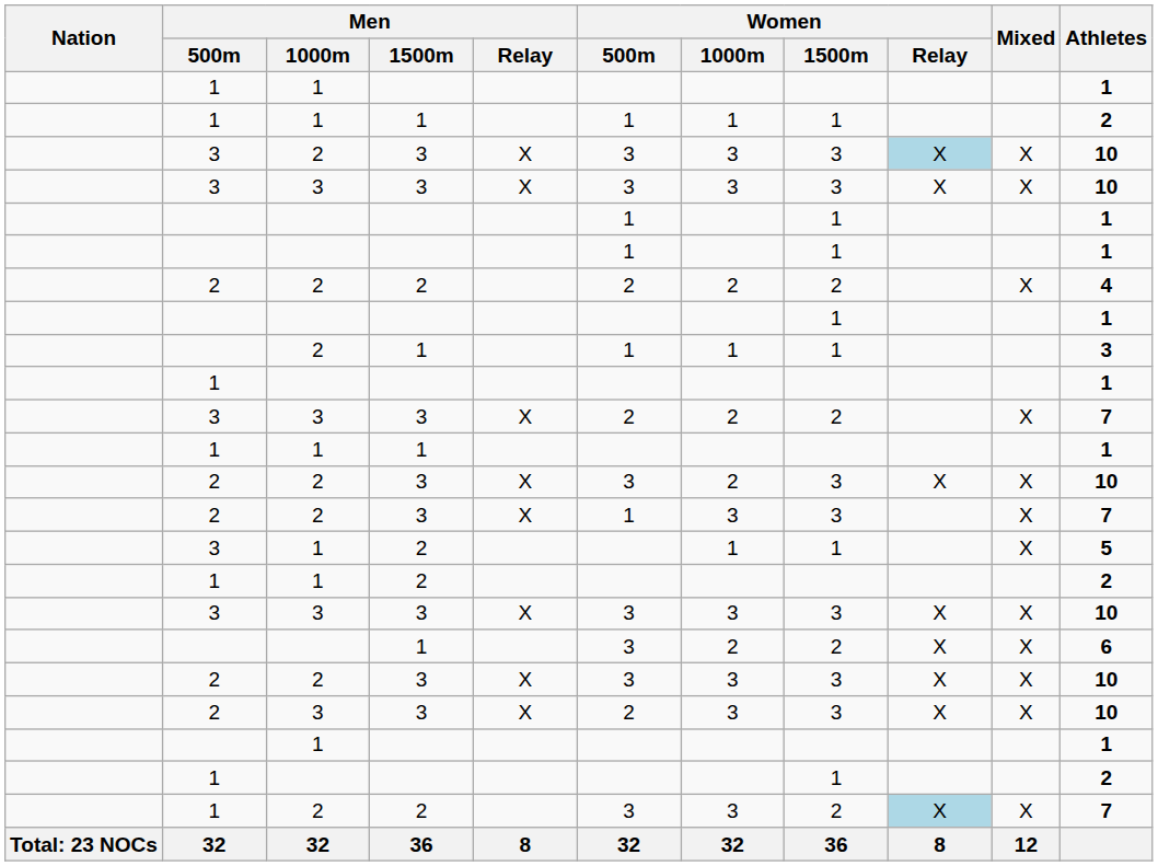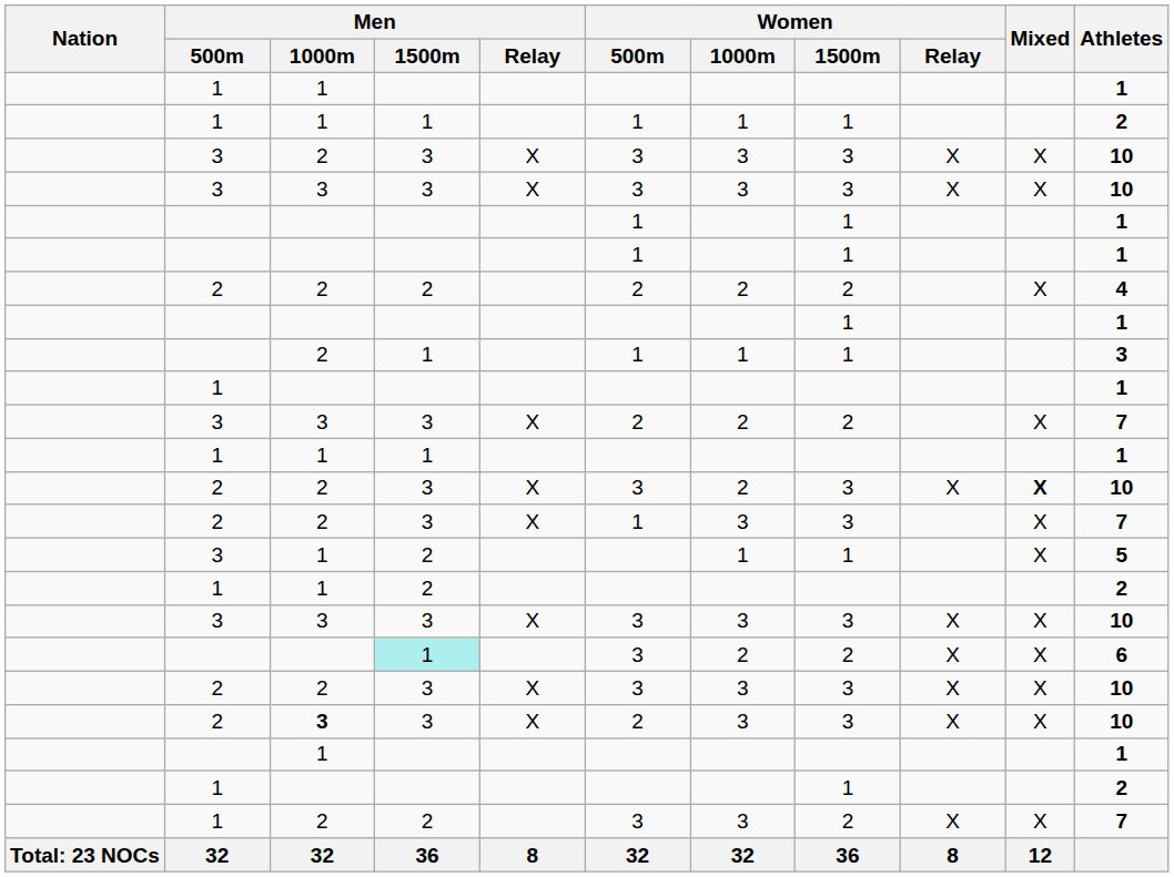 <table class="wikitable sortable" style="text-align:center; font-size:90%">
 <tr>
 <th rowspan="2" align="left">Nation</th>
 <th colspan="4">Men</th>
 <th colspan="4">Women</th>
 <th rowspan="2">Mixed</th>
 <th rowspan="2">Athletes</th>
 </tr>
 <tr>
 <th width=65>500m</th>
 <th width=65>1000m</th>
 <th width=65>1500m</th>
 <th width=65>Relay</th>
 <th width=65>500m</th>
 <th width=65>1000m</th>
 <th width=65>1500m</th>
 <th width=65>Relay</th>
 </tr>
 <tr>
 <td align="left"></td>
 <td>1</td>
 <td>1</td>
 <td></td>
 <td></td>
 <td></td>
 <td></td>
 <td></td>
 <td></td>
 <td></td>
 <td><strong>1</strong></td>
 </tr>
 <tr>
 <td align="left"></td>
 <td>1</td>
 <td>1</td>
 <td>1</td>
 <td></td>
 <td>1</td>
 <td>1</td>
 <td>1</td>
 <td></td>
 <td></td>
 <td><strong>2</strong></td>
 </tr>
 <tr>
 <td align="left"></td>
 <td>3</td>
 <td>2</td>
 <td>3</td>
 <td>X</td>
 <td>3</td>
 <td>3</td>
 <td>3</td>
-<td style="background: lightblue;">X</td>
+<td>X</td>
 <td>X</td>
 <td><strong>10</strong></td>
 </tr>
 <tr>
 <td align="left"></td>
 <td>3</td>
 <td>3</td>
 <td>3</td>
 <td>X</td>
 <td>3</td>
 <td>3</td>
 <td>3</td>
 <td>X</td>
 <td>X</td>
 <td><strong>10</strong></td>
 </tr>
 <tr>
 <td align="left"></td>
 <td></td>
 <td></td>
 <td></td>
 <td></td>
 <td>1</td>
 <td></td>
 <td>1</td>
 <td></td>
 <td></td>
 <td><strong>1</strong></td>
 </tr>
 <tr>
 <td align="left"></td>
 <td></td>
 <td></td>
 <td></td>
 <td></td>
 <td>1</td>
 <td></td>
 <td>1</td>
 <td></td>
 <td></td>
 <td><strong>1</strong></td>
 </tr>
 <tr>
 <td align="left"></td>
 <td>2</td>
 <td>2</td>
 <td>2</td>
 <td></td>
 <td>2</td>
 <td>2</td>
 <td>2</td>
 <td></td>
 <td>X</td>
 <td><strong>4</strong></td>
 </tr>
 <tr>
 <td align="left"></td>
 <td></td>
 <td></td>
 <td></td>
 <td></td>
 <td></td>
 <td></td>
 <td>1</td>
 <td></td>
 <td></td>
 <td><strong>1</strong></td>
 </tr>
 <tr>
 <td align="left"></td>
 <td></td>
 <td>2</td>
 <td>1</td>
 <td></td>
 <td>1</td>
 <td>1</td>
 <td>1</td>
 <td></td>
 <td></td>
 <td><strong>3</strong></td>
 </tr>
 <tr>
 <td align="left"></td>
 <td>1</td>
 <td></td>
 <td></td>
 <td></td>
 <td></td>
 <td></td>
 <td></td>
 <td></td>
 <td></td>
 <td><strong>1</strong></td>
 </tr>
 <tr>
 <td align="left"></td>
 <td>3</td>
 <td>3</td>
 <td>3</td>
 <td>X</td>
 <td>2</td>
 <td>2</td>
 <td>2</td>
 <td></td>
 <td>X</td>
 <td><strong>7</strong></td>
 </tr>
 <tr>
 <td align="left"></td>
 <td>1</td>
 <td>1</td>
 <td>1</td>
 <td></td>
 <td></td>
 <td></td>
 <td></td>
 <td></td>
 <td></td>
 <td><strong>1</strong></td>
 </tr>
 <tr>
 <td align="left"></td>
 <td>2</td>
 <td>2</td>
 <td>3</td>
 <td>X</td>
 <td>3</td>
 <td>2</td>
 <td>3</td>
 <td>X</td>
-<td>X</td>
+<td><strong>X</strong></td>
 <td><strong>10</strong></td>
 </tr>
 <tr>
 <td align="left"></td>
 <td>2</td>
 <td>2</td>
 <td>3</td>
 <td>X</td>
 <td>1</td>
 <td>3</td>
 <td>3</td>
 <td></td>
 <td>X</td>
 <td><strong>7</strong></td>
 </tr>
 <tr>
 <td align="left"></td>
 <td>3</td>
 <td>1</td>
 <td>2</td>
 <td></td>
 <td></td>
 <td>1</td>
 <td>1</td>
 <td></td>
 <td>X</td>
 <td><strong>5</strong></td>
 </tr>
 <tr>
 <td align="left"></td>
 <td>1</td>
 <td>1</td>
 <td>2</td>
 <td></td>
 <td></td>
 <td></td>
 <td></td>
 <td></td>
 <td></td>
 <td><strong>2</strong></td>
 </tr>
 <tr>
 <td align="left"></td>
 <td>3</td>
 <td>3</td>
 <td>3</td>
 <td>X</td>
 <td>3</td>
 <td>3</td>
 <td>3</td>
 <td>X</td>
 <td>X</td>
 <td><strong>10</strong></td>
 </tr>
 <tr>
 <td align="left"></td>
 <td></td>
 <td></td>
-<td>1</td>
+<td style="background: paleturquoise;">1</td>
 <td></td>
 <td>3</td>
 <td>2</td>
 <td>2</td>
 <td>X</td>
 <td>X</td>
 <td><strong>6</strong></td>
 </tr>
 <tr>
 <td align="left"></td>
 <td>2</td>
 <td>2</td>
 <td>3</td>
 <td>X</td>
 <td>3</td>
 <td>3</td>
 <td>3</td>
 <td>X</td>
 <td>X</td>
 <td><strong>10</strong></td>
 </tr>
 <tr>
 <td align="left"></td>
 <td>2</td>
-<td>3</td>
+<td><strong>3</strong></td>
 <td>3</td>
 <td>X</td>
 <td>2</td>
 <td>3</td>
 <td>3</td>
 <td>X</td>
 <td>X</td>
 <td><strong>10</strong></td>
 </tr>
 <tr>
 <td align="left"></td>
 <td></td>
 <td>1</td>
 <td></td>
 <td></td>
 <td></td>
 <td></td>
 <td></td>
 <td></td>
 <td></td>
 <td><strong>1</strong></td>
 </tr>
 <tr>
 <td align="left"></td>
 <td>1</td>
 <td></td>
 <td></td>
 <td></td>
 <td></td>
 <td></td>
 <td>1</td>
 <td></td>
 <td></td>
 <td><strong>2</strong></td>
 </tr>
 <tr>
 <td align="left"></td>
 <td>1</td>
 <td>2</td>
 <td>2</td>
 <td></td>
 <td>3</td>
 <td>3</td>
 <td>2</td>
-<td style="background: lightblue;">X</td>
+<td>X</td>
 <td>X</td>
 <td><strong>7</strong></td>
 </tr>
 <tr>
 <th>Total: 23 NOCs</th>
 <th>32</th>
 <th>32</th>
 <th>36</th>
 <th>8</th>
 <th>32</th>
 <th>32</th>
 <th>36</th>
 <th>8</th>
 <th>12</th>
 <th></th>
 </tr>
 </table>
